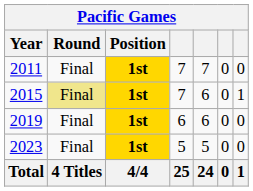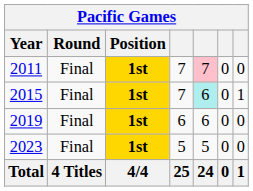 <table class="wikitable" style="text-align: center;">
 <tr>
 <th colspan=7><a href='#'>Pacific Games</a></th>
 </tr>
 <tr>
 <th>Year</th>
 <th>Round</th>
 <th>Position</th>
 <th></th>
 <th></th>
 <th></th>
 <th></th>
 </tr>
 <tr>
 <td> <a href='#'>2011</a></td>
 <td>Final</td>
 <td bgcolor=gold><strong>1st</strong></td>
 <td>7</td>
-<td>7</td>
+<td style="background: pink;">7</td>
 <td>0</td>
 <td>0</td>
 </tr>
 <tr>
 <td> <a href='#'>2015</a></td>
-<td style="background: khaki;">Final</td>
+<td>Final</td>
 <td bgcolor=gold><strong>1st</strong></td>
 <td>7</td>
-<td>6</td>
+<td style="background: paleturquoise;">6</td>
 <td>0</td>
 <td>1</td>
 </tr>
 <tr>
 <td> <a href='#'>2019</a></td>
 <td>Final</td>
 <td bgcolor=gold><strong>1st</strong></td>
 <td>6</td>
 <td>6</td>
 <td>0</td>
 <td>0</td>
 </tr>
 <tr>
 <td> <a href='#'>2023</a></td>
 <td>Final</td>
 <td bgcolor=gold><strong>1st</strong></td>
 <td>5</td>
 <td>5</td>
 <td>0</td>
 <td>0</td>
 </tr>
 <tr>
 <th colspan=1>Total</th>
 <th>4 Titles</th>
 <th>4/4</th>
 <th>25</th>
 <th>24</th>
 <th>0</th>
 <th>1</th>
 </tr>
 </table>
